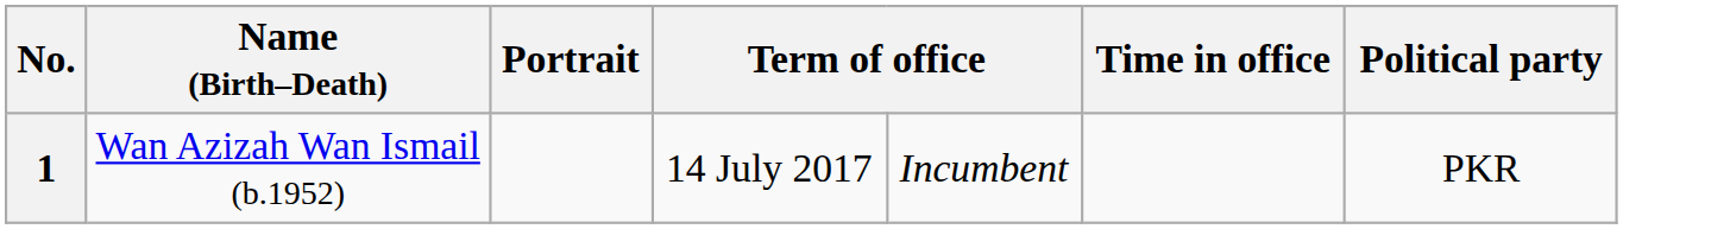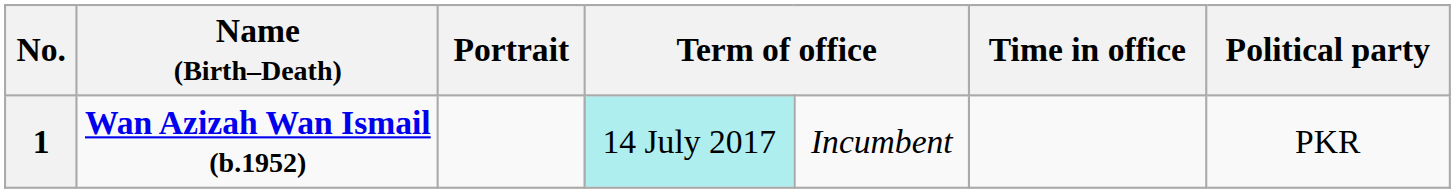 <table class="wikitable" style="text-align:center">
 <tr>
 <th>No.</th>
 <th width=25%>Name<br><small>(Birth–Death)</small></th>
 <th>Portrait</th>
 <th colspan="2">Term of office</th>
 <th>Time in office</th>
 <th>Political party</th>
 </tr>
 <tr>
 <th>1</th>
-<td><a href='#'>Wan Azizah Wan Ismail</a><br><small>(b.1952)</small></td>
+<td><strong><a href='#'>Wan Azizah Wan Ismail</a><br><small>(b.1952)</small></strong></td>
 <td></td>
-<td>14 July 2017</td>
+<td style="background: paleturquoise;">14 July 2017</td>
 <td><em>Incumbent</em></td>
 <td></td>
 <td style="background: ">PKR</td>
 </tr>
 </table>
